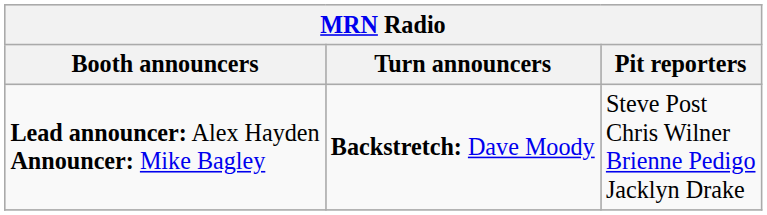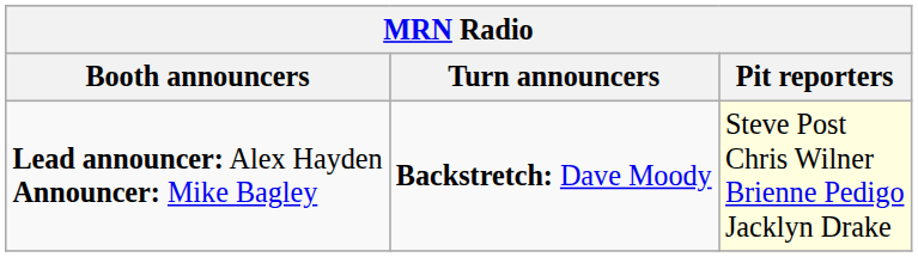 <table class="wikitable" style="font-size: 95%">
 <tr>
 <th colspan="3"><a href='#'>MRN</a> Radio</th>
 </tr>
 <tr>
 <th>Booth announcers</th>
 <th>Turn announcers</th>
 <th>Pit reporters</th>
 </tr>
 <tr>
 <td><strong>Lead announcer:</strong> Alex Hayden<br><strong>Announcer:</strong> <a href='#'>Mike Bagley</a></td>
 <td><strong>Backstretch:</strong> <a href='#'>Dave Moody</a></td>
-<td>Steve Post<br>Chris Wilner<br><a href='#'>Brienne Pedigo</a><br>Jacklyn Drake</td>
+<td style="background: lightyellow;">Steve Post<br>Chris Wilner<br><a href='#'>Brienne Pedigo</a><br>Jacklyn Drake</td>
 </tr>
 </table>
